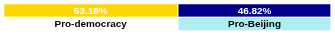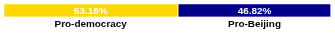 <table style="width:60%; text-align:center;">
 <tr style="color:white;">
 <td style="background:gold; width:53.18%;"><strong>53.18%</strong></td>
 <td style="background:darkblue; width:46.82%;"><strong>46.82%</strong></td>
 </tr>
 <tr>
 <td><span><strong>Pro-democracy</strong></span></td>
-<td style="background: paleturquoise;"><span><strong>Pro-Beijing</strong></span></td>
+<td><span><strong>Pro-Beijing</strong></span></td>
 </tr>
 </table>
